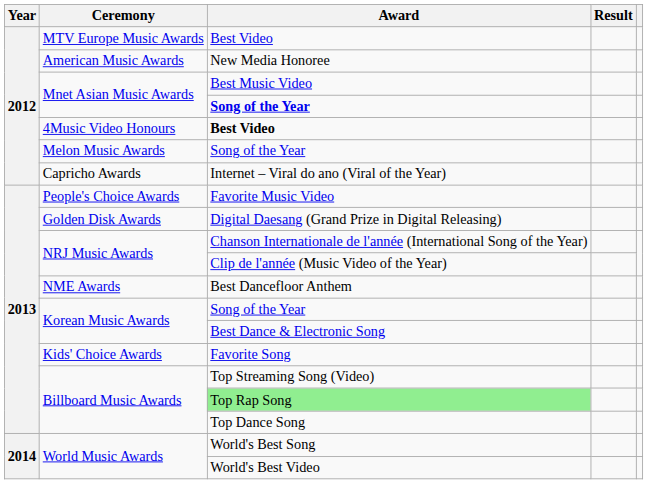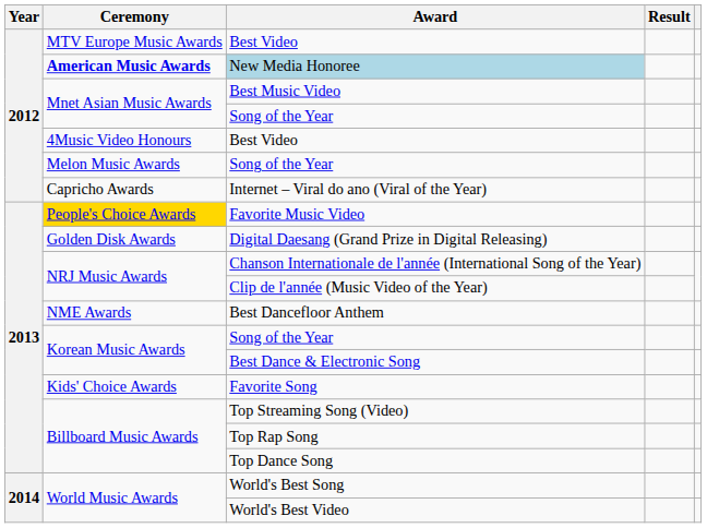 <table class="wikitable sortable plainrowheaders">
 <tr>
 <th style="text-align:center;">Year</th>
 <th style="text-align:center;">Ceremony</th>
 <th style="text-align:center;">Award</th>
 <th style="text-align:center;">Result</th>
 <th style="text-align:center;" class="unsortable"></th>
 </tr>
 <tr>
 <th scope="row" rowspan=7>2012</th>
 <td><a href='#'>MTV Europe Music Awards</a></td>
 <td><a href='#'>Best Video</a></td>
 <td></td>
 <td style="text-align:center;"></td>
 </tr>
 <tr>
-<td><a href='#'>American Music Awards</a></td>
-<td>New Media Honoree</td>
+<td><strong><a href='#'>American Music Awards</a></strong></td>
+<td style="background: lightblue;">New Media Honoree</td>
 <td></td>
 <td style="text-align:center;"></td>
 </tr>
 <tr>
 <td rowspan="2"><a href='#'>Mnet Asian Music Awards</a></td>
 <td><a href='#'>Best Music Video</a></td>
 <td></td>
 <td style="text-align:center;"></td>
 </tr>
 <tr>
-<td><strong><a href='#'>Song of the Year</a></strong></td>
+<td><a href='#'>Song of the Year</a></td>
 <td></td>
 <td style="text-align:center;"></td>
 </tr>
 <tr>
 <td><a href='#'>4Music Video Honours</a></td>
-<td><strong>Best Video</strong></td>
+<td>Best Video</td>
 <td></td>
 <td style="text-align:center;"></td>
 </tr>
 <tr>
 <td><a href='#'>Melon Music Awards</a></td>
 <td><a href='#'>Song of the Year</a></td>
 <td></td>
 <td style="text-align:center;"></td>
 </tr>
 <tr>
 <td>Capricho Awards</td>
 <td>Internet – Viral do ano (Viral of the Year)</td>
 <td></td>
 <td style="text-align:center;"></td>
 </tr>
 <tr>
 <th scope="row" rowspan=11>2013</th>
-<td><a href='#'>People's Choice Awards</a></td>
+<td style="background: gold;"><a href='#'>People's Choice Awards</a></td>
 <td><a href='#'>Favorite Music Video</a></td>
 <td></td>
 <td style="text-align:center;"></td>
 </tr>
 <tr>
 <td><a href='#'>Golden Disk Awards</a></td>
 <td><a href='#'>Digital Daesang</a> (Grand Prize in Digital Releasing)</td>
 <td></td>
 <td style="text-align:center;"></td>
 </tr>
 <tr>
 <td rowspan=2><a href='#'>NRJ Music Awards</a></td>
 <td><a href='#'>Chanson Internationale de l'année</a> (International Song of the Year)</td>
 <td></td>
 <td style="text-align:center;" rowspan=2></td>
 </tr>
 <tr>
 <td><a href='#'>Clip de l'année</a> (Music Video of the Year)</td>
 <td></td>
 </tr>
 <tr>
 <td><a href='#'>NME Awards</a></td>
 <td>Best Dancefloor Anthem</td>
 <td></td>
 <td style="text-align:center;"></td>
 </tr>
 <tr>
 <td rowspan=2><a href='#'>Korean Music Awards</a></td>
 <td><a href='#'>Song of the Year</a></td>
 <td></td>
 <td style="text-align:center;"></td>
 </tr>
 <tr>
 <td><a href='#'>Best Dance & Electronic Song</a></td>
 <td></td>
 <td style="text-align:center;"></td>
 </tr>
 <tr>
 <td><a href='#'>Kids' Choice Awards</a></td>
 <td><a href='#'>Favorite Song</a></td>
 <td></td>
 <td style="text-align:center;"></td>
 </tr>
 <tr>
 <td rowspan=3><a href='#'>Billboard Music Awards</a></td>
 <td>Top Streaming Song (Video)</td>
 <td></td>
 <td style="text-align:center;"></td>
 </tr>
 <tr>
-<td style="background: lightgreen;">Top Rap Song</td>
+<td>Top Rap Song</td>
 <td></td>
 <td style="text-align:center;"></td>
 </tr>
 <tr>
 <td>Top Dance Song</td>
 <td></td>
 <td style="text-align:center;"></td>
 </tr>
 <tr>
 <th scope="row" rowspan=2>2014</th>
 <td rowspan=2><a href='#'>World Music Awards</a></td>
 <td>World's Best Song</td>
 <td></td>
 <td style="text-align:center;"></td>
 </tr>
 <tr>
 <td>World's Best Video</td>
 <td></td>
 <td style="text-align:center;"></td>
 </tr>
 </table>
